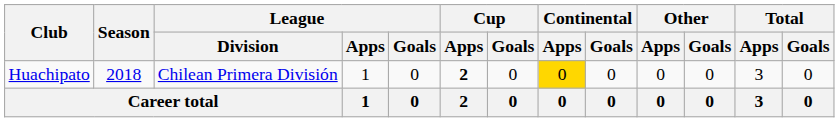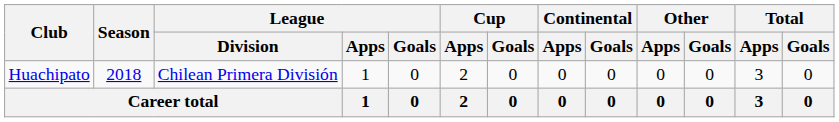 <table class="wikitable" style="text-align: center">
 <tr>
 <th rowspan="2">Club</th>
 <th rowspan="2">Season</th>
 <th colspan="3">League</th>
 <th colspan="2">Cup</th>
 <th colspan="2">Continental</th>
 <th colspan="2">Other</th>
 <th colspan="2">Total</th>
 </tr>
 <tr>
 <th>Division</th>
 <th>Apps</th>
 <th>Goals</th>
 <th>Apps</th>
 <th>Goals</th>
 <th>Apps</th>
 <th>Goals</th>
 <th>Apps</th>
 <th>Goals</th>
 <th>Apps</th>
 <th>Goals</th>
 </tr>
 <tr>
 <td><a href='#'>Huachipato</a></td>
 <td><a href='#'>2018</a></td>
 <td><a href='#'>Chilean Primera División</a></td>
 <td>1</td>
 <td>0</td>
-<td><strong>2</strong></td>
+<td>2</td>
 <td>0</td>
-<td style="background: gold;">0</td>
+<td>0</td>
 <td>0</td>
 <td>0</td>
 <td>0</td>
 <td>3</td>
 <td>0</td>
 </tr>
 <tr>
 <th colspan="3"><strong>Career total</strong></th>
 <th>1</th>
 <th>0</th>
 <th>2</th>
 <th>0</th>
 <th>0</th>
 <th>0</th>
 <th>0</th>
 <th>0</th>
 <th>3</th>
 <th>0</th>
 </tr>
 </table>
